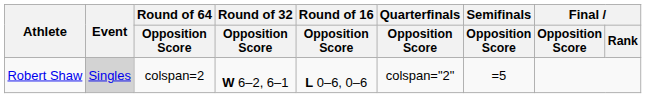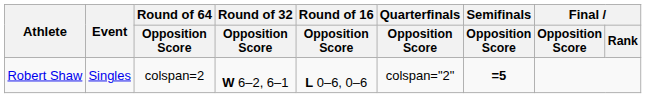 <table class=wikitable style="font-size:90%">
 <tr>
 <th rowspan="2">Athlete</th>
 <th rowspan="2">Event</th>
 <th>Round of 64</th>
 <th>Round of 32</th>
 <th>Round of 16</th>
 <th>Quarterfinals</th>
 <th>Semifinals</th>
 <th colspan=2>Final / </th>
 </tr>
 <tr style="font-size:95%">
 <th>Opposition<br>Score</th>
 <th>Opposition<br>Score</th>
 <th>Opposition<br>Score</th>
 <th>Opposition<br>Score</th>
 <th>Opposition<br>Score</th>
 <th>Opposition<br>Score</th>
 <th>Rank</th>
 </tr>
 <tr align=center>
 <td align=left><a href='#'>Robert Shaw</a></td>
-<td align=left style="background: lightgrey;"><a href='#'>Singles</a></td>
+<td align=left><a href='#'>Singles</a></td>
 <td>colspan=2</td>
 <td><br><strong>W</strong> 6–2, 6–1</td>
 <td><br><strong>L</strong> 0–6, 0–6</td>
 <td>colspan="2" </td>
-<td>=5</td>
+<td><strong>=5</strong></td>
 </tr>
 </table>
